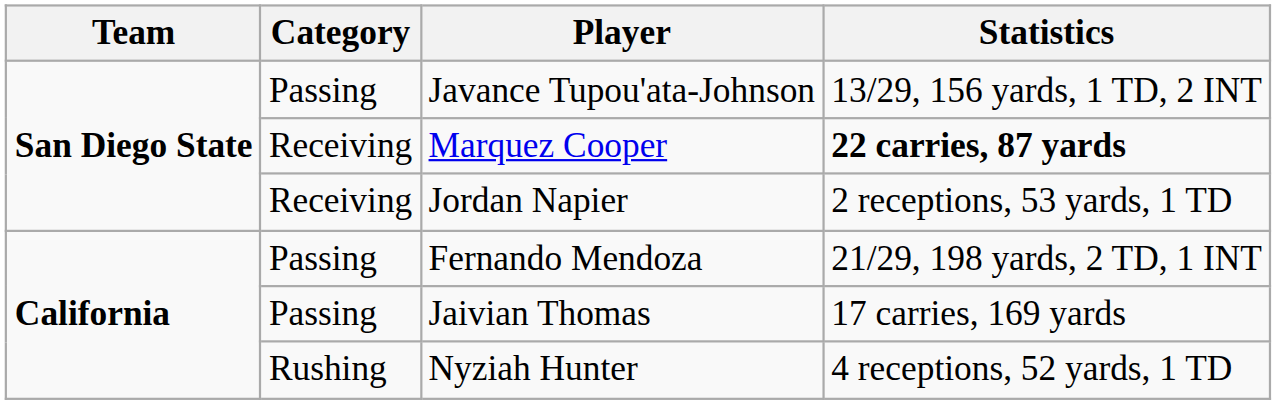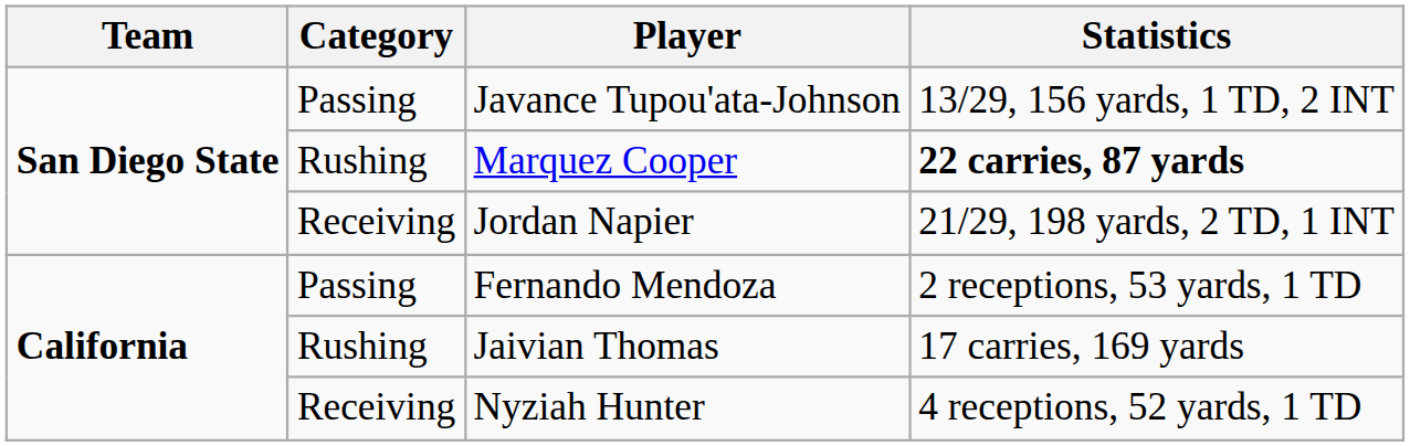 <table class="wikitable" style="float: right;">
 <tr>
 <th>Team</th>
 <th>Category</th>
 <th>Player</th>
 <th>Statistics</th>
 </tr>
 <tr>
 <td rowspan=3><strong>San Diego State</strong></td>
 <td>Passing</td>
 <td>Javance Tupou'ata-Johnson</td>
 <td>13/29, 156 yards, 1 TD, 2 INT</td>
 </tr>
 <tr>
-<td>Receiving</td>
+<td>Rushing</td>
 <td><a href='#'>Marquez Cooper</a></td>
 <td><strong>22 carries, 87 yards</strong></td>
 </tr>
 <tr>
 <td>Receiving</td>
 <td>Jordan Napier</td>
-<td>2 receptions, 53 yards, 1 TD</td>
+<td>21/29, 198 yards, 2 TD, 1 INT</td>
 </tr>
 <tr>
 <td rowspan=3><strong>California</strong></td>
 <td>Passing</td>
 <td>Fernando Mendoza</td>
-<td>21/29, 198 yards, 2 TD, 1 INT</td>
+<td>2 receptions, 53 yards, 1 TD</td>
 </tr>
 <tr>
-<td>Passing</td>
+<td>Rushing</td>
 <td>Jaivian Thomas</td>
 <td>17 carries, 169 yards</td>
 </tr>
 <tr>
-<td>Rushing</td>
+<td>Receiving</td>
 <td>Nyziah Hunter</td>
 <td>4 receptions, 52 yards, 1 TD</td>
 </tr>
 </table>
